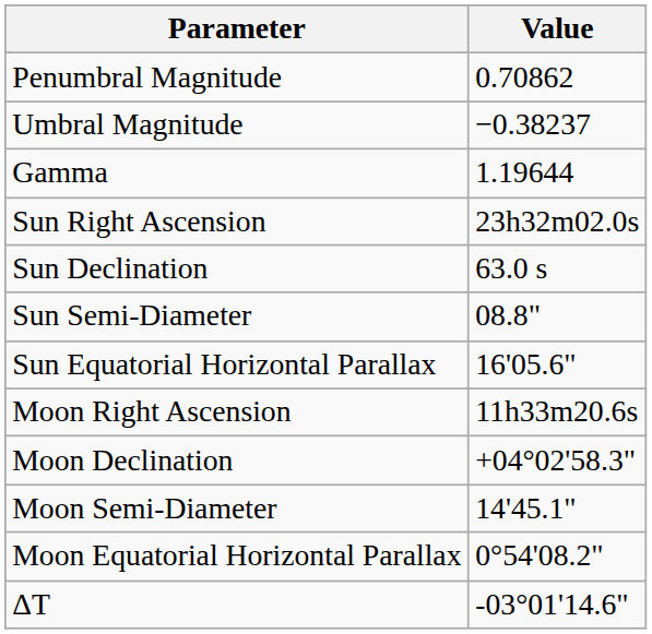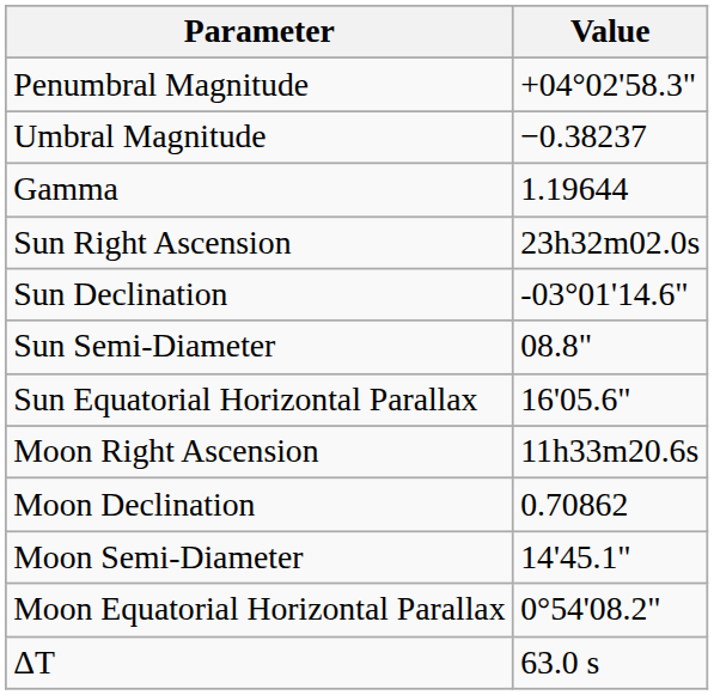 <table class="wikitable">
 <tr>
 <th>Parameter</th>
 <th>Value</th>
 </tr>
 <tr>
 <td>Penumbral Magnitude</td>
-<td>0.70862</td>
+<td>+04°02'58.3"</td>
 </tr>
 <tr>
 <td>Umbral Magnitude</td>
 <td>−0.38237</td>
 </tr>
 <tr>
 <td>Gamma</td>
 <td>1.19644</td>
 </tr>
 <tr>
 <td>Sun Right Ascension</td>
 <td>23h32m02.0s</td>
 </tr>
 <tr>
 <td>Sun Declination</td>
-<td>63.0 s</td>
+<td>-03°01'14.6"</td>
 </tr>
 <tr>
 <td>Sun Semi-Diameter</td>
 <td>08.8"</td>
 </tr>
 <tr>
 <td>Sun Equatorial Horizontal Parallax</td>
 <td>16'05.6"</td>
 </tr>
 <tr>
 <td>Moon Right Ascension</td>
 <td>11h33m20.6s</td>
 </tr>
 <tr>
 <td>Moon Declination</td>
-<td>+04°02'58.3"</td>
+<td>0.70862</td>
 </tr>
 <tr>
 <td>Moon Semi-Diameter</td>
 <td>14'45.1"</td>
 </tr>
 <tr>
 <td>Moon Equatorial Horizontal Parallax</td>
 <td>0°54'08.2"</td>
 </tr>
 <tr>
 <td>ΔT</td>
-<td>-03°01'14.6"</td>
+<td>63.0 s</td>
 </tr>
 </table>
